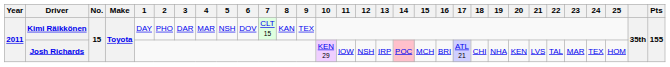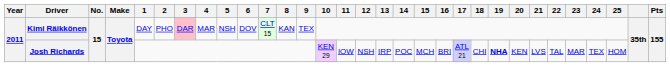 <table class="wikitable mw-collapsible mw-collapsed" style="text-align:center; font-size:75%">
 <tr>
 <th>Year</th>
 <th>Driver</th>
 <th>No.</th>
 <th>Make</th>
 <th>1</th>
 <th>2</th>
 <th>3</th>
 <th>4</th>
 <th>5</th>
 <th>6</th>
 <th>7</th>
 <th>8</th>
 <th>9</th>
 <th>10</th>
 <th>11</th>
 <th>12</th>
 <th>13</th>
 <th>14</th>
 <th>15</th>
 <th>16</th>
 <th>17</th>
 <th>18</th>
 <th>19</th>
 <th>20</th>
 <th>21</th>
 <th>22</th>
 <th>23</th>
 <th>24</th>
 <th>25</th>
 <th></th>
 <th>Pts</th>
 </tr>
 <tr>
 <th rowspan=2><a href='#'>2011</a></th>
 <th><a href='#'>Kimi Räikkönen</a></th>
 <th rowspan=2>15</th>
 <th rowspan=2><a href='#'>Toyota</a></th>
 <td><a href='#'>DAY</a></td>
 <td><a href='#'>PHO</a></td>
-<td><a href='#'>DAR</a></td>
+<td style="background: pink;"><a href='#'>DAR</a></td>
 <td><a href='#'>MAR</a></td>
 <td><a href='#'>NSH</a></td>
 <td><a href='#'>DOV</a></td>
 <td style="background:#DFFFDF;"><a href='#'>CLT</a><br><small>15</small></td>
 <td><a href='#'>KAN</a></td>
 <td><a href='#'>TEX</a></td>
 <td colspan=16></td>
 <th rowspan=2>35th</th>
 <th rowspan=2>155</th>
 </tr>
 <tr>
 <th><a href='#'>Josh Richards</a></th>
 <td colspan=9></td>
 <td style="background:#EFCFFF;"><a href='#'>KEN</a><br><small>29</small></td>
 <td><a href='#'>IOW</a></td>
 <td><a href='#'>NSH</a></td>
 <td><a href='#'>IRP</a></td>
-<td style="background: pink;"><a href='#'>POC</a></td>
+<td><a href='#'>POC</a></td>
 <td><a href='#'>MCH</a></td>
 <td><a href='#'>BRI</a></td>
 <td style="background:#CFCFFF;"><a href='#'>ATL</a><br><small>21</small></td>
 <td><a href='#'>CHI</a></td>
-<td><a href='#'>NHA</a></td>
+<td><strong><a href='#'>NHA</a></strong></td>
 <td><a href='#'>KEN</a></td>
 <td><a href='#'>LVS</a></td>
 <td><a href='#'>TAL</a></td>
 <td><a href='#'>MAR</a></td>
 <td><a href='#'>TEX</a></td>
 <td><a href='#'>HOM</a></td>
 </tr>
 </table>
